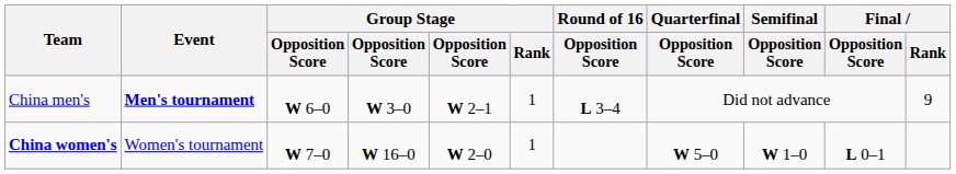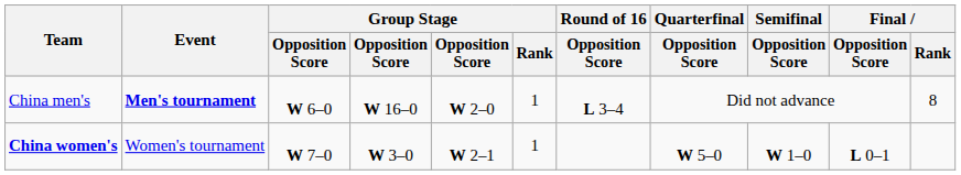 <table class=wikitable style=font-size:90%;text-align:center>
 <tr>
 <th rowspan=2>Team</th>
 <th rowspan=2>Event</th>
 <th colspan=4>Group Stage</th>
 <th>Round of 16</th>
 <th>Quarterfinal</th>
 <th>Semifinal</th>
 <th colspan=2>Final / </th>
 </tr>
 <tr style=font-size:95%>
 <th>Opposition<br>Score</th>
 <th>Opposition<br>Score</th>
 <th>Opposition<br>Score</th>
 <th>Rank</th>
 <th>Opposition<br>Score</th>
 <th>Opposition<br>Score</th>
 <th>Opposition<br>Score</th>
 <th>Opposition<br>Score</th>
 <th>Rank</th>
 </tr>
 <tr>
 <td align=left><a href='#'>China men's</a></td>
 <td align=left><strong><a href='#'>Men's tournament</a></strong></td>
 <td><br><strong>W</strong> 6–0</td>
-<td><br><strong>W</strong> 3–0</td>
-<td><br><strong>W</strong> 2–1</td>
+<td><br><strong>W</strong> 16–0</td>
+<td><br><strong>W</strong> 2–0</td>
 <td>1 <strong></strong></td>
 <td><br><strong>L</strong> 3–4</td>
 <td colspan=3 align=center>Did not advance</td>
-<td>9</td>
+<td>8</td>
 </tr>
 <tr>
 <td align=left><strong><a href='#'>China women's</a></strong></td>
 <td align=left><a href='#'>Women's tournament</a></td>
 <td><br><strong>W</strong> 7–0</td>
-<td><br><strong>W</strong> 16–0</td>
-<td><br><strong>W</strong> 2–0</td>
+<td><br><strong>W</strong> 3–0</td>
+<td><br><strong>W</strong> 2–1</td>
 <td>1 <strong></strong></td>
 <td></td>
 <td><br><strong>W</strong> 5–0</td>
 <td><br><strong>W</strong> 1–0</td>
 <td><br><strong>L</strong> 0–1</td>
 <td></td>
 </tr>
 </table>
